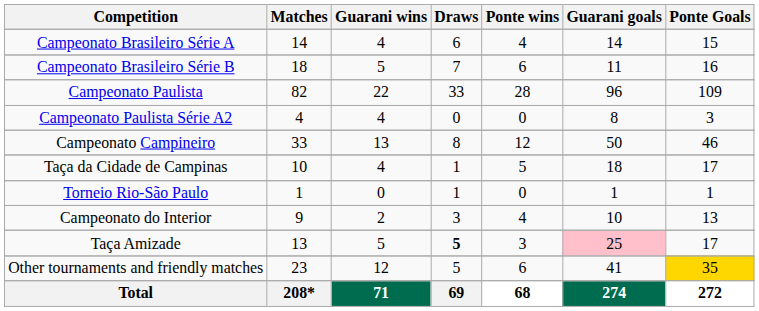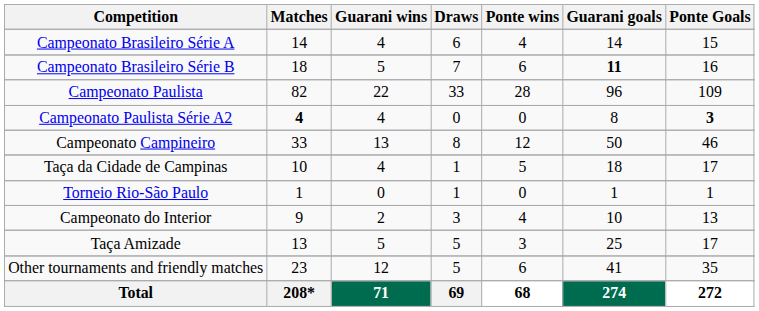 <table class="wikitable">
 <tr>
 <th>Competition</th>
 <th>Matches</th>
 <th>Guarani wins</th>
 <th>Draws</th>
 <th>Ponte wins</th>
 <th>Guarani goals</th>
 <th>Ponte Goals</th>
 </tr>
 <tr>
 </tr>
 <tr align="center">
 <td><a href='#'>Campeonato Brasileiro Série A</a></td>
 <td>14</td>
 <td>4</td>
 <td>6</td>
 <td>4</td>
 <td>14</td>
 <td>15</td>
 </tr>
 <tr>
 </tr>
 <tr align="center">
 <td><a href='#'>Campeonato Brasileiro Série B</a></td>
 <td>18</td>
 <td>5</td>
 <td>7</td>
 <td>6</td>
-<td>11</td>
+<td><strong>11</strong></td>
 <td>16</td>
 </tr>
 <tr>
 </tr>
 <tr align="center">
 <td><a href='#'>Campeonato Paulista</a></td>
 <td>82</td>
 <td>22</td>
 <td>33</td>
 <td>28</td>
 <td>96</td>
 <td>109</td>
 </tr>
 <tr>
 </tr>
 <tr align="center">
 <td><a href='#'>Campeonato Paulista Série A2</a></td>
-<td>4</td>
+<td><strong>4</strong></td>
 <td>4</td>
 <td>0</td>
 <td>0</td>
 <td>8</td>
-<td>3</td>
+<td><strong>3</strong></td>
 </tr>
 <tr>
 </tr>
 <tr align="center">
 <td>Campeonato <a href='#'>Campineiro</a></td>
 <td>33</td>
 <td>13</td>
 <td>8</td>
 <td>12</td>
 <td>50</td>
 <td>46</td>
 </tr>
 <tr>
 </tr>
 <tr align="center">
 <td>Taça da Cidade de Campinas</td>
 <td>10</td>
 <td>4</td>
 <td>1</td>
 <td>5</td>
 <td>18</td>
 <td>17</td>
 </tr>
 <tr>
 </tr>
 <tr align="center">
 <td><a href='#'>Torneio Rio-São Paulo</a></td>
 <td>1</td>
 <td>0</td>
 <td>1</td>
 <td>0</td>
 <td>1</td>
 <td>1</td>
 </tr>
 <tr>
 </tr>
 <tr align="center">
 <td>Campeonato do Interior</td>
 <td>9</td>
 <td>2</td>
 <td>3</td>
 <td>4</td>
 <td>10</td>
 <td>13</td>
 </tr>
 <tr>
 </tr>
 <tr align="center">
 <td>Taça Amizade</td>
 <td>13</td>
 <td>5</td>
-<td><strong>5</strong></td>
+<td>5</td>
 <td>3</td>
-<td style="background: pink;">25</td>
+<td>25</td>
 <td>17</td>
 </tr>
 <tr>
 </tr>
 <tr align="center">
 <td>Other tournaments and friendly matches</td>
 <td>23</td>
 <td>12</td>
 <td>5</td>
 <td>6</td>
 <td>41</td>
-<td style="background: gold;">35</td>
+<td>35</td>
 </tr>
 <tr>
 </tr>
 <tr align="center">
 <th>Total</th>
 <th>208*</th>
 <th style="color:#ffffff; background:#006c4f;"><strong>71</strong></th>
 <th>69</th>
 <th style="color:#000000; background:white;"><strong>68</strong></th>
 <th style="color:#ffffff; background:#006c4f;"><strong>274</strong></th>
 <th style="color:#000000; background:white;"><strong>272</strong></th>
 </tr>
 </table>
